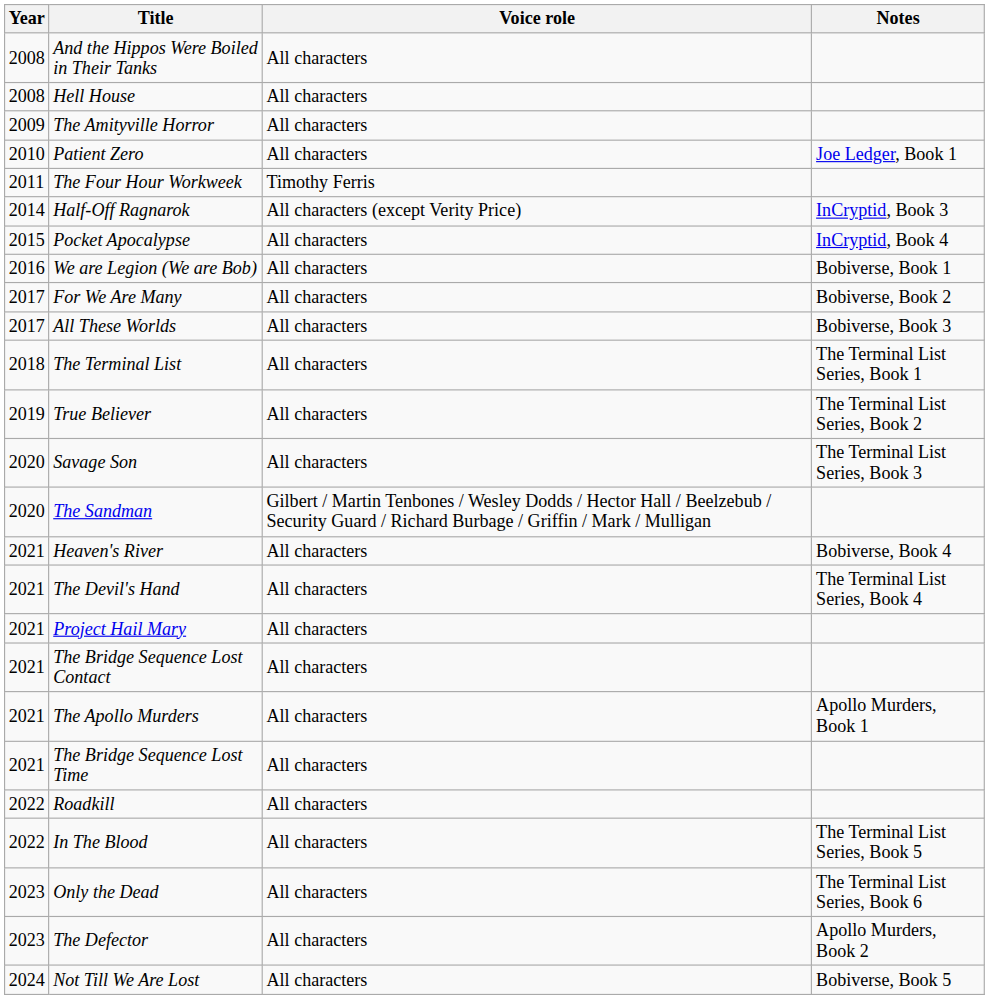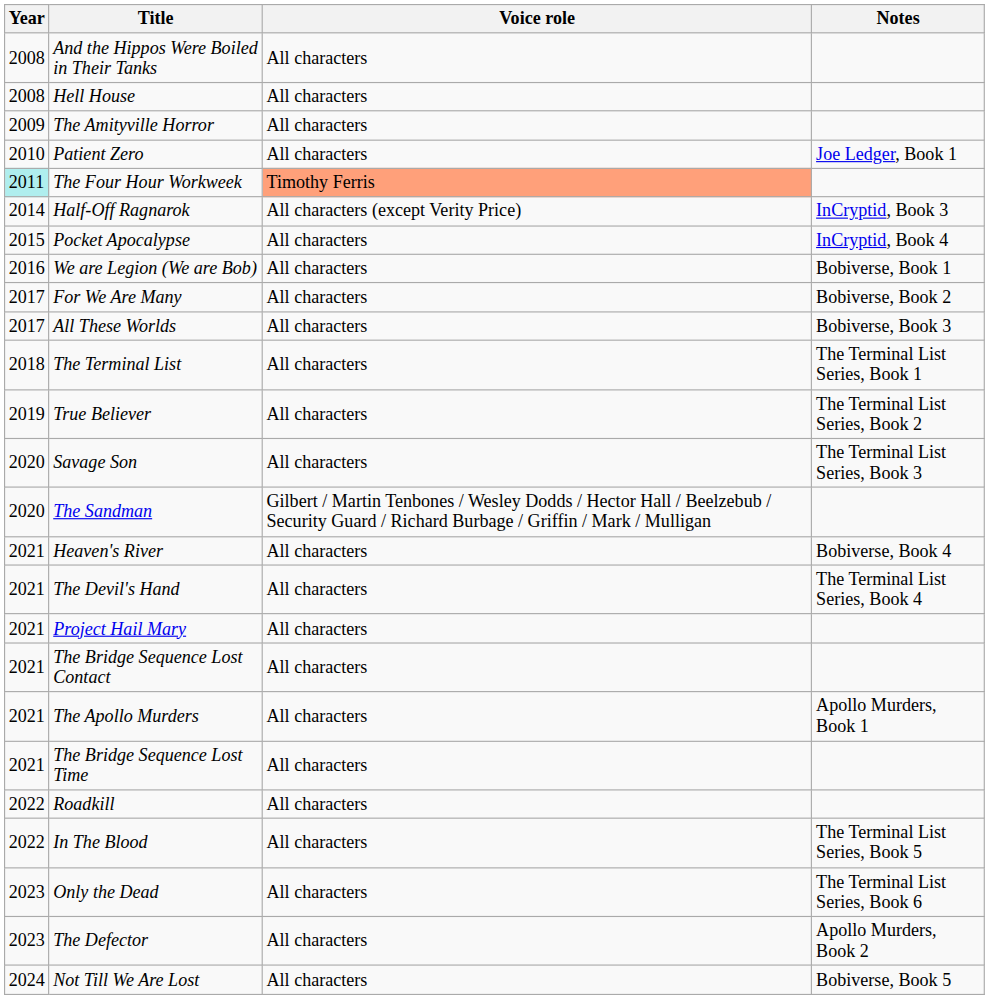 <table class="wikitable sortable">
 <tr>
 <th>Year</th>
 <th>Title</th>
 <th>Voice role</th>
 <th>Notes</th>
 </tr>
 <tr>
 <td>2008</td>
 <td><em>And the Hippos Were Boiled in Their Tanks</em></td>
 <td>All characters</td>
 <td></td>
 </tr>
 <tr>
 <td>2008</td>
 <td><em>Hell House</em></td>
 <td>All characters</td>
 <td></td>
 </tr>
 <tr>
 <td>2009</td>
 <td><em>The Amityville Horror</em></td>
 <td>All characters</td>
 <td></td>
 </tr>
 <tr>
 <td>2010</td>
 <td><em>Patient Zero</em></td>
 <td>All characters</td>
 <td><a href='#'>Joe Ledger</a>, Book 1</td>
 </tr>
 <tr>
-<td>2011</td>
+<td style="background: paleturquoise;">2011</td>
 <td><em>The Four Hour Workweek</em></td>
-<td>Timothy Ferris</td>
+<td style="background: lightsalmon;">Timothy Ferris</td>
 </tr>
 <tr>
 <td>2014</td>
 <td><em>Half-Off Ragnarok</em></td>
 <td>All characters (except Verity Price)</td>
 <td><a href='#'>InCryptid</a>, Book 3</td>
 </tr>
 <tr>
 <td>2015</td>
 <td><em>Pocket Apocalypse</em></td>
 <td>All characters</td>
 <td><a href='#'>InCryptid</a>, Book 4</td>
 </tr>
 <tr>
 <td>2016</td>
 <td><em>We are Legion (We are Bob)</em></td>
 <td>All characters</td>
 <td>Bobiverse, Book 1</td>
 </tr>
 <tr>
 <td>2017</td>
 <td><em>For We Are Many</em></td>
 <td>All characters</td>
 <td>Bobiverse, Book 2</td>
 </tr>
 <tr>
 <td>2017</td>
 <td><em>All These Worlds</em></td>
 <td>All characters</td>
 <td>Bobiverse, Book 3</td>
 </tr>
 <tr>
 <td>2018</td>
 <td><em>The Terminal List</em></td>
 <td>All characters</td>
 <td>The Terminal List Series, Book 1</td>
 </tr>
 <tr>
 <td>2019</td>
 <td><em>True Believer</em></td>
 <td>All characters</td>
 <td>The Terminal List Series, Book 2</td>
 </tr>
 <tr>
 <td>2020</td>
 <td><em>Savage Son</em></td>
 <td>All characters</td>
 <td>The Terminal List Series, Book 3</td>
 </tr>
 <tr>
 <td>2020</td>
 <td><em><a href='#'>The Sandman</a></em></td>
 <td>Gilbert / Martin Tenbones / Wesley Dodds / Hector Hall / Beelzebub / Security Guard / Richard Burbage / Griffin / Mark / Mulligan</td>
 <td></td>
 </tr>
 <tr>
 <td>2021</td>
 <td><em>Heaven's River</em></td>
 <td>All characters</td>
 <td>Bobiverse, Book 4</td>
 </tr>
 <tr>
 <td>2021</td>
 <td><em>The Devil's Hand</em></td>
 <td>All characters</td>
 <td>The Terminal List Series, Book 4</td>
 </tr>
 <tr>
 <td>2021</td>
 <td><em><a href='#'>Project Hail Mary</a></em></td>
 <td>All characters</td>
 <td></td>
 </tr>
 <tr>
 <td>2021</td>
 <td><em>The Bridge Sequence Lost Contact</em></td>
 <td>All characters</td>
 <td></td>
 </tr>
 <tr>
 <td>2021</td>
 <td><em>The Apollo Murders</em></td>
 <td>All characters</td>
 <td>Apollo Murders, Book 1</td>
 </tr>
 <tr>
 <td>2021</td>
 <td><em>The Bridge Sequence Lost Time</em></td>
 <td>All characters</td>
 <td></td>
 </tr>
 <tr>
 <td>2022</td>
 <td><em>Roadkill</em></td>
 <td>All characters</td>
 <td></td>
 </tr>
 <tr>
 <td>2022</td>
 <td><em>In The Blood</em></td>
 <td>All characters</td>
 <td>The Terminal List Series, Book 5</td>
 </tr>
 <tr>
 <td>2023</td>
 <td><em>Only the Dead</em></td>
 <td>All characters</td>
 <td>The Terminal List Series, Book 6</td>
 </tr>
 <tr>
 <td>2023</td>
 <td><em>The Defector</em></td>
 <td>All characters</td>
 <td>Apollo Murders, Book 2</td>
 </tr>
 <tr>
 <td>2024</td>
 <td><em>Not Till We Are Lost</em></td>
 <td>All characters</td>
 <td>Bobiverse, Book 5</td>
 </tr>
 </table>
